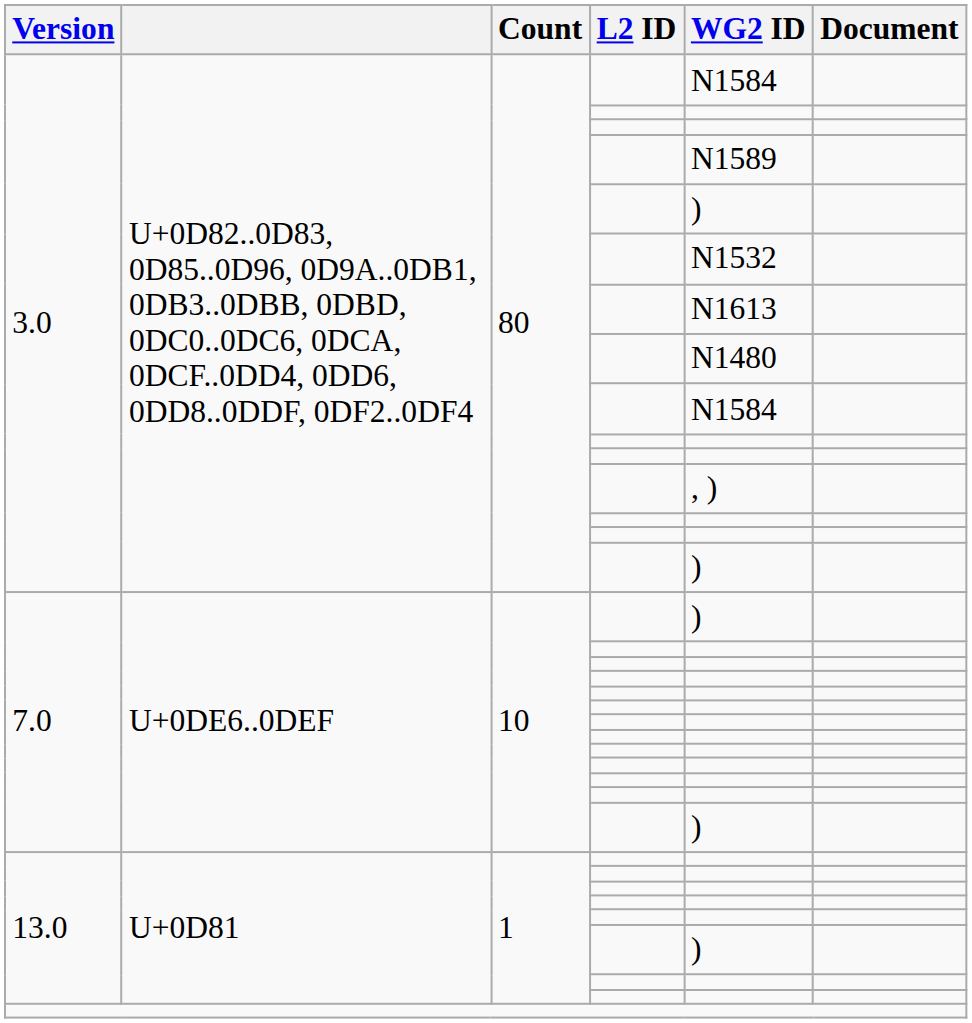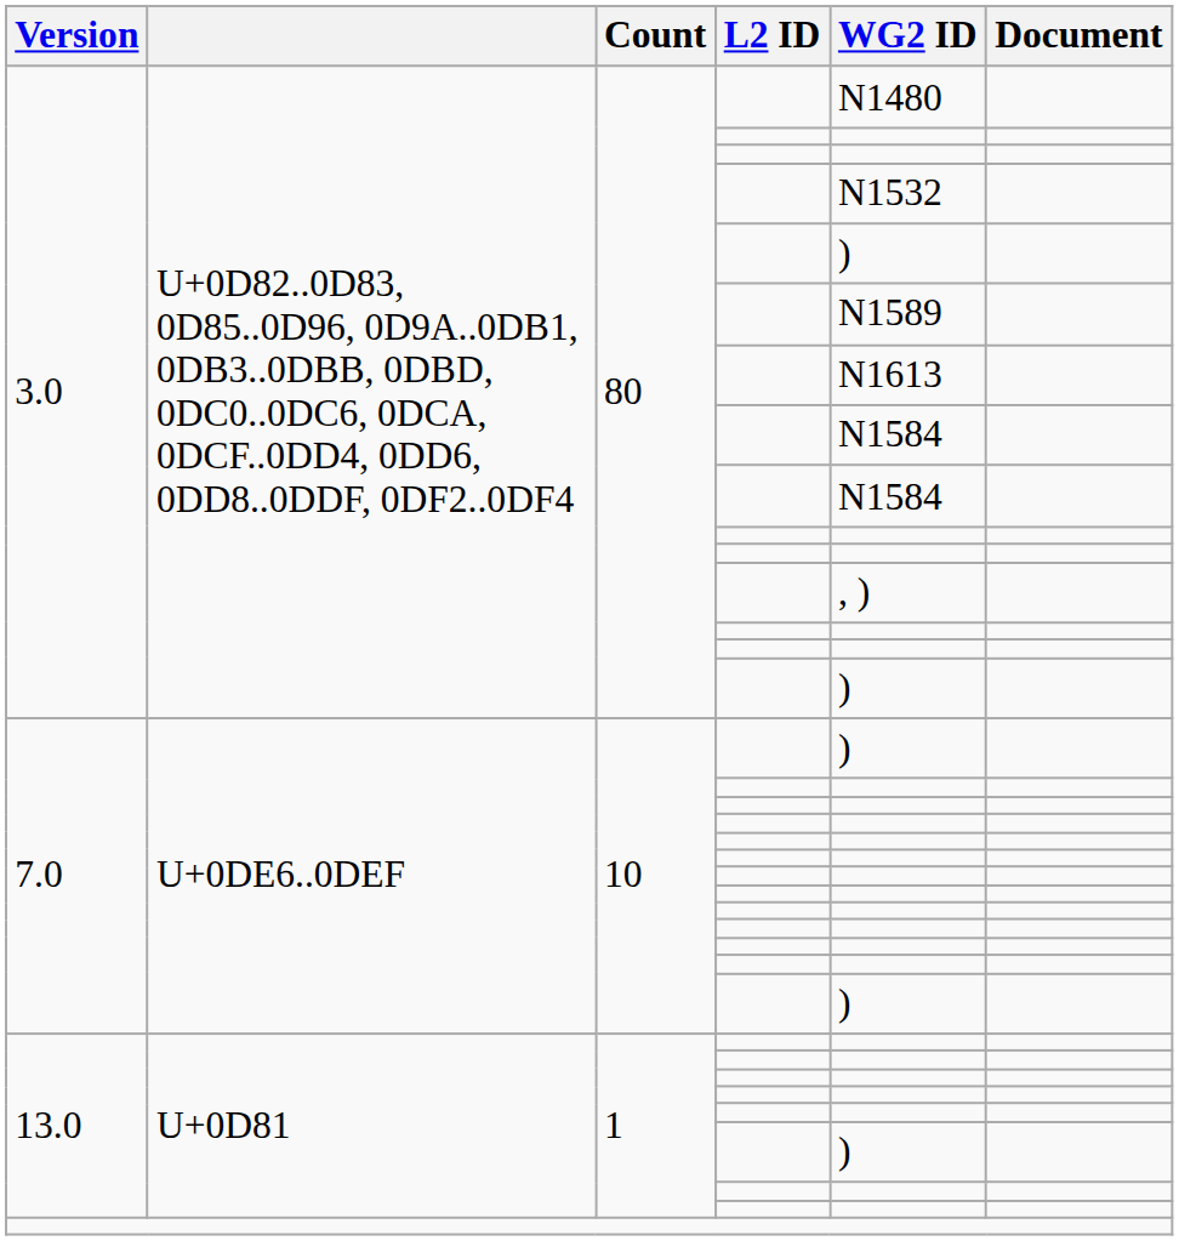 <table class="wikitable collapsible sticky-header">
 <tr>
 <th><a href='#'>Version</a></th>
 <th></th>
 <th>Count</th>
 <th><a href='#'>L2</a> ID</th>
 <th><a href='#'>WG2</a> ID</th>
 <th>Document</th>
 </tr>
 <tr>
 <td rowspan="15">3.0</td>
 <td rowspan="15" width="180">U+0D82..0D83, 0D85..0D96, 0D9A..0DB1, 0DB3..0DBB, 0DBD, 0DC0..0DC6, 0DCA, 0DCF..0DD4, 0DD6, 0DD8..0DDF, 0DF2..0DF4</td>
 <td rowspan="15">80</td>
 <td></td>
-<td>N1584</td>
+<td>N1480</td>
 <td></td>
 </tr>
 <tr>
 <td></td>
 <td></td>
 <td></td>
 </tr>
 <tr>
 <td></td>
 <td></td>
 <td></td>
 </tr>
 <tr>
 <td></td>
-<td>N1589</td>
+<td>N1532</td>
 <td></td>
 </tr>
 <tr>
 <td></td>
 <td> )</td>
 <td></td>
 </tr>
 <tr>
 <td></td>
-<td>N1532</td>
+<td>N1589</td>
 <td></td>
 </tr>
 <tr>
 <td></td>
 <td>N1613</td>
 <td></td>
 </tr>
 <tr>
 <td></td>
-<td>N1480</td>
+<td>N1584</td>
 <td></td>
 </tr>
 <tr>
 <td></td>
 <td>N1584</td>
 <td></td>
 </tr>
 <tr>
 <td></td>
 <td></td>
 <td></td>
 </tr>
 <tr>
 <td></td>
 <td></td>
 <td></td>
 </tr>
 <tr>
 <td></td>
 <td> , )</td>
 <td></td>
 </tr>
 <tr>
 <td></td>
 <td></td>
 <td></td>
 </tr>
 <tr>
 <td></td>
 <td></td>
 <td></td>
 </tr>
 <tr>
 <td></td>
 <td> )</td>
 <td></td>
 </tr>
 <tr>
 <td rowspan="13">7.0</td>
 <td rowspan="13">U+0DE6..0DEF</td>
 <td rowspan="13">10</td>
 <td></td>
 <td> )</td>
 <td></td>
 </tr>
 <tr>
 <td></td>
 <td></td>
 <td></td>
 </tr>
 <tr>
 <td></td>
 <td></td>
 <td></td>
 </tr>
 <tr>
 <td></td>
 <td></td>
 <td></td>
 </tr>
 <tr>
 <td></td>
 <td></td>
 <td></td>
 </tr>
 <tr>
 <td></td>
 <td></td>
 <td></td>
 </tr>
 <tr>
 <td></td>
 <td></td>
 <td></td>
 </tr>
 <tr>
 <td></td>
 <td></td>
 <td></td>
 </tr>
 <tr>
 <td></td>
 <td></td>
 <td></td>
 </tr>
 <tr>
 <td></td>
 <td></td>
 <td></td>
 </tr>
 <tr>
 <td></td>
 <td></td>
 <td></td>
 </tr>
 <tr>
 <td></td>
 <td></td>
 <td></td>
 </tr>
 <tr>
 <td></td>
 <td> )</td>
 <td></td>
 </tr>
 <tr>
 <td rowspan="8">13.0</td>
 <td rowspan="8">U+0D81</td>
 <td rowspan="8">1</td>
 <td></td>
 <td></td>
 <td></td>
 </tr>
 <tr>
 <td></td>
 <td></td>
 <td></td>
 </tr>
 <tr>
 <td></td>
 <td></td>
 <td></td>
 </tr>
 <tr>
 <td></td>
 <td></td>
 <td></td>
 </tr>
 <tr>
 <td></td>
 <td></td>
 <td></td>
 </tr>
 <tr>
 <td></td>
 <td> )</td>
 <td></td>
 </tr>
 <tr>
 <td></td>
 <td></td>
 <td></td>
 </tr>
 <tr>
 <td></td>
 <td></td>
 <td></td>
 </tr>
 <tr class="sortbottom">
 <td colspan="6"></td>
 </tr>
 </table>
